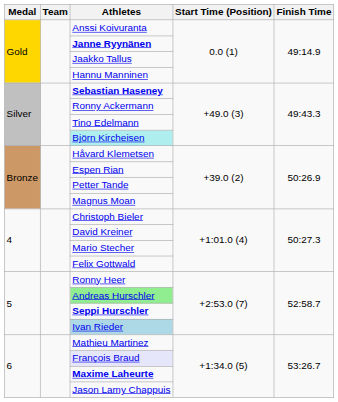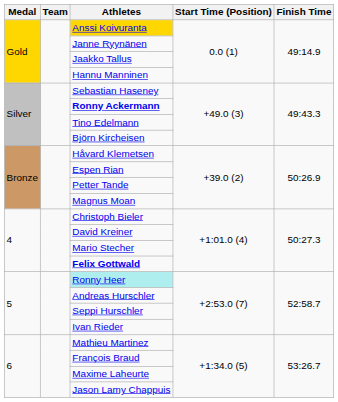 <table class="wikitable">
 <tr>
 <th align=left>Medal</th>
 <th>Team</th>
 <th>Athletes</th>
 <th align=Center>Start Time (Position)</th>
 <th>Finish Time</th>
 </tr>
 <tr>
 <td bgcolor="gold" align=left rowspan="4">Gold</td>
 <td align=left rowspan="4"></td>
-<td align=left><a href='#'>Anssi Koivuranta</a></td>
+<td align=left style="background: gold;"><a href='#'>Anssi Koivuranta</a></td>
 <td align=center rowspan="4">0.0 (1)</td>
 <td align=center rowspan="4">49:14.9</td>
 </tr>
 <tr>
-<td align=left><strong><a href='#'>Janne Ryynänen</a></strong></td>
+<td align=left><a href='#'>Janne Ryynänen</a></td>
 </tr>
 <tr>
 <td align=left><a href='#'>Jaakko Tallus</a></td>
 </tr>
 <tr>
 <td align=left><a href='#'>Hannu Manninen</a></td>
 </tr>
 <tr>
 <td bgcolor="silver" align=left rowspan="4">Silver</td>
 <td align=left rowspan="4"></td>
-<td align=left><strong><a href='#'>Sebastian Haseney</a></strong></td>
+<td align=left><a href='#'>Sebastian Haseney</a></td>
 <td align=center rowspan="4">+49.0 (3)</td>
 <td align=center rowspan="4">49:43.3</td>
 </tr>
 <tr>
-<td align=left><a href='#'>Ronny Ackermann</a></td>
+<td align=left><strong><a href='#'>Ronny Ackermann</a></strong></td>
 </tr>
 <tr>
 <td align=left><a href='#'>Tino Edelmann</a></td>
 </tr>
 <tr>
-<td align=left style="background: paleturquoise;"><a href='#'>Björn Kircheisen</a></td>
+<td align=left><a href='#'>Björn Kircheisen</a></td>
 </tr>
 <tr>
 <td bgcolor="CC9966" align=left rowspan="4">Bronze</td>
 <td align=left rowspan="4"></td>
 <td align=left><a href='#'>Håvard Klemetsen</a></td>
 <td align=center rowspan="4">+39.0 (2)</td>
 <td align=center rowspan="4">50:26.9</td>
 </tr>
 <tr>
 <td align=left><a href='#'>Espen Rian</a></td>
 </tr>
 <tr>
 <td align=left><a href='#'>Petter Tande</a></td>
 </tr>
 <tr>
 <td align=left><a href='#'>Magnus Moan</a></td>
 </tr>
 <tr>
 <td align=left rowspan="4">4</td>
 <td align=left rowspan="4"></td>
 <td align=left><a href='#'>Christoph Bieler</a></td>
 <td align=center rowspan="4">+1:01.0 (4)</td>
 <td align=center rowspan="4">50:27.3</td>
 </tr>
 <tr>
 <td align=left><a href='#'>David Kreiner</a></td>
 </tr>
 <tr>
 <td align=left><a href='#'>Mario Stecher</a></td>
 </tr>
 <tr>
-<td align=left><a href='#'>Felix Gottwald</a></td>
+<td align=left><strong><a href='#'>Felix Gottwald</a></strong></td>
 </tr>
 <tr>
 <td align=left rowspan="4">5</td>
 <td align=left rowspan="4"></td>
-<td align=left><a href='#'>Ronny Heer</a></td>
+<td align=left style="background: paleturquoise;"><a href='#'>Ronny Heer</a></td>
 <td align=center rowspan="4">+2:53.0 (7)</td>
 <td align=center rowspan="4">52:58.7</td>
 </tr>
 <tr>
-<td align=left style="background: lightgreen;"><a href='#'>Andreas Hurschler</a></td>
+<td align=left><a href='#'>Andreas Hurschler</a></td>
 </tr>
 <tr>
-<td align=left><strong><a href='#'>Seppi Hurschler</a></strong></td>
+<td align=left><a href='#'>Seppi Hurschler</a></td>
 </tr>
 <tr>
-<td align=left style="background: lightblue;"><a href='#'>Ivan Rieder</a></td>
+<td align=left><a href='#'>Ivan Rieder</a></td>
 </tr>
 <tr>
 <td align=left rowspan="4">6</td>
 <td align=left rowspan="4"></td>
 <td align=left><a href='#'>Mathieu Martinez</a></td>
 <td align=center rowspan="4">+1:34.0 (5)</td>
 <td align=center rowspan="4">53:26.7</td>
 </tr>
 <tr>
-<td align=left style="background: lavender;"><a href='#'>François Braud</a></td>
+<td align=left><a href='#'>François Braud</a></td>
 </tr>
 <tr>
-<td align=left><strong><a href='#'>Maxime Laheurte</a></strong></td>
+<td align=left><a href='#'>Maxime Laheurte</a></td>
 </tr>
 <tr>
 <td align=left><a href='#'>Jason Lamy Chappuis</a></td>
 </tr>
 </table>
